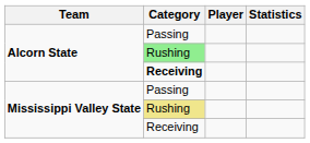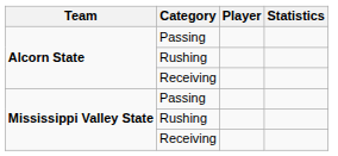 <table class="wikitable" style="float: left;">
 <tr>
 <th>Team</th>
 <th>Category</th>
 <th>Player</th>
 <th>Statistics</th>
 </tr>
 <tr>
 <td rowspan=3><strong>Alcorn State</strong></td>
 <td>Passing</td>
 <td> </td>
 <td> </td>
 </tr>
 <tr>
-<td style="background: lightgreen;">Rushing</td>
+<td>Rushing</td>
 <td> </td>
 <td> </td>
 </tr>
 <tr>
-<td><strong>Receiving</strong></td>
+<td>Receiving</td>
 <td> </td>
 <td> </td>
 </tr>
 <tr>
 <td rowspan=3><strong>Mississippi Valley State</strong></td>
 <td>Passing</td>
 <td> </td>
 <td> </td>
 </tr>
 <tr>
-<td style="background: khaki;">Rushing</td>
+<td>Rushing</td>
 <td> </td>
 <td> </td>
 </tr>
 <tr>
 <td>Receiving</td>
 <td> </td>
 <td> </td>
 </tr>
 </table>
